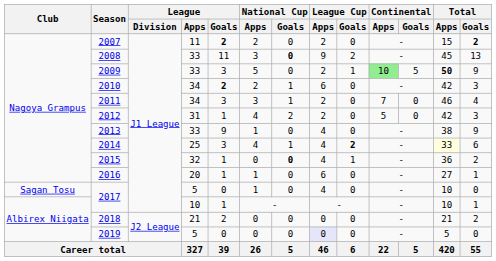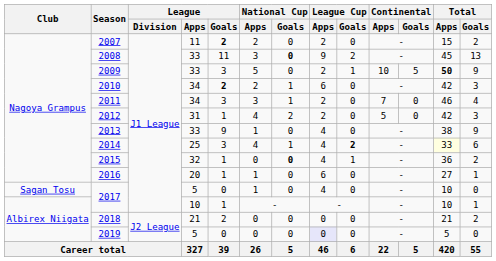 <table class="wikitable" style="text-align: center;">
 <tr>
 <th rowspan="2">Club</th>
 <th rowspan="2">Season</th>
 <th colspan="3">League</th>
 <th colspan="2">National Cup</th>
 <th colspan="2">League Cup</th>
 <th colspan="2">Continental</th>
 <th colspan="2">Total</th>
 </tr>
 <tr>
 <th>Division</th>
 <th>Apps</th>
 <th>Goals</th>
 <th>Apps</th>
 <th>Goals</th>
 <th>Apps</th>
 <th>Goals</th>
 <th>Apps</th>
 <th>Goals</th>
 <th>Apps</th>
 <th>Goals</th>
 </tr>
 <tr>
 <td rowspan="10" valign="center"><a href='#'>Nagoya Grampus</a></td>
 <td><a href='#'>2007</a></td>
 <td rowspan="12" valign="center"><a href='#'>J1 League</a></td>
 <td>11</td>
 <td><strong>2</strong></td>
 <td>2</td>
 <td>0</td>
 <td>2</td>
 <td>0</td>
 <td colspan="2">-</td>
 <td>15</td>
-<td><strong>2</strong></td>
+<td>2</td>
 </tr>
 <tr>
 <td><a href='#'>2008</a></td>
 <td>33</td>
 <td>11</td>
 <td>3</td>
 <td><strong>0</strong></td>
 <td>9</td>
 <td>2</td>
 <td colspan="2">-</td>
 <td>45</td>
 <td>13</td>
 </tr>
 <tr>
 <td><a href='#'>2009</a></td>
 <td>33</td>
 <td>3</td>
 <td>5</td>
 <td>0</td>
 <td>2</td>
 <td>1</td>
-<td style="background: lightgreen;">10</td>
+<td>10</td>
 <td>5</td>
 <td><strong>50</strong></td>
 <td>9</td>
 </tr>
 <tr>
 <td><a href='#'>2010</a></td>
 <td>34</td>
 <td><strong>2</strong></td>
 <td>2</td>
 <td>1</td>
 <td>6</td>
 <td>0</td>
 <td colspan="2">-</td>
 <td>42</td>
 <td>3</td>
 </tr>
 <tr>
 <td><a href='#'>2011</a></td>
 <td>34</td>
 <td>3</td>
 <td>3</td>
 <td>1</td>
 <td>2</td>
 <td>0</td>
 <td>7</td>
 <td>0</td>
 <td>46</td>
 <td>4</td>
 </tr>
 <tr>
 <td><a href='#'>2012</a></td>
 <td>31</td>
 <td>1</td>
 <td>4</td>
 <td>2</td>
 <td>2</td>
 <td>0</td>
 <td>5</td>
 <td>0</td>
 <td>42</td>
 <td>3</td>
 </tr>
 <tr>
 <td><a href='#'>2013</a></td>
 <td>33</td>
 <td>9</td>
 <td>1</td>
 <td>0</td>
 <td>4</td>
 <td>0</td>
 <td colspan="2">-</td>
 <td>38</td>
 <td>9</td>
 </tr>
 <tr>
 <td><a href='#'>2014</a></td>
 <td>25</td>
 <td>3</td>
 <td>4</td>
 <td>1</td>
 <td>4</td>
 <td><strong>2</strong></td>
 <td colspan="2">-</td>
 <td style="background: lightyellow;">33</td>
 <td>6</td>
 </tr>
 <tr>
 <td><a href='#'>2015</a></td>
 <td>32</td>
 <td>1</td>
 <td>0</td>
 <td><strong>0</strong></td>
 <td>4</td>
 <td>1</td>
 <td colspan="2">-</td>
 <td>36</td>
 <td>2</td>
 </tr>
 <tr>
 <td><a href='#'>2016</a></td>
 <td>20</td>
 <td>1</td>
 <td>1</td>
 <td>0</td>
 <td>6</td>
 <td>0</td>
 <td colspan="2">-</td>
 <td>27</td>
 <td>1</td>
 </tr>
 <tr>
 <td><a href='#'>Sagan Tosu</a></td>
 <td rowspan="2"><a href='#'>2017</a></td>
 <td>5</td>
 <td>0</td>
 <td>1</td>
 <td>0</td>
 <td>4</td>
 <td>0</td>
 <td colspan="2">-</td>
 <td>10</td>
 <td>0</td>
 </tr>
 <tr>
 <td rowspan="3"><a href='#'>Albirex Niigata</a></td>
 <td>10</td>
 <td>1</td>
 <td colspan="2">-</td>
 <td colspan="2">-</td>
 <td colspan="2">-</td>
 <td>10</td>
 <td>1</td>
 </tr>
 <tr>
 <td><a href='#'>2018</a></td>
 <td rowspan=2><a href='#'>J2 League</a></td>
 <td>21</td>
 <td>2</td>
 <td>0</td>
 <td>0</td>
 <td>0</td>
 <td>0</td>
 <td colspan="2">-</td>
 <td>21</td>
 <td>2</td>
 </tr>
 <tr>
 <td><a href='#'>2019</a></td>
 <td>5</td>
 <td>0</td>
 <td>0</td>
 <td>0</td>
 <td style="background: lavender;">0</td>
 <td>0</td>
 <td colspan="2">-</td>
 <td>5</td>
 <td>0</td>
 </tr>
 <tr>
 <th colspan="3">Career total</th>
 <th>327</th>
 <th>39</th>
 <th>26</th>
 <th>5</th>
 <th>46</th>
 <th>6</th>
 <th>22</th>
 <th>5</th>
 <th>420</th>
 <th>55</th>
 </tr>
 </table>
